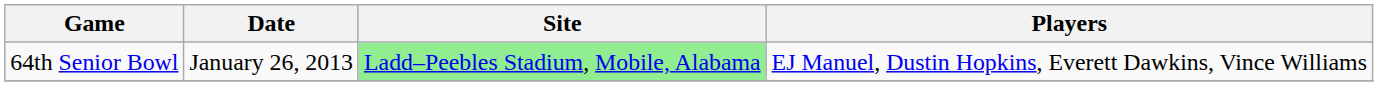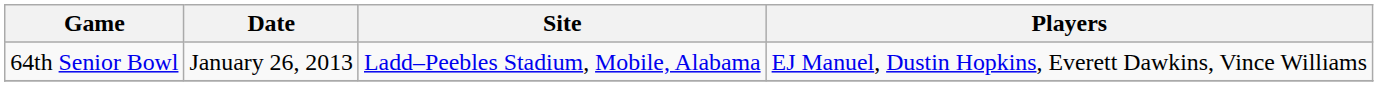 <table class="wikitable">
 <tr>
 <th>Game</th>
 <th>Date</th>
 <th>Site</th>
 <th>Players</th>
 </tr>
 <tr>
 <td>64th <a href='#'>Senior Bowl</a></td>
 <td>January 26, 2013</td>
-<td style="background: lightgreen;"><a href='#'>Ladd–Peebles Stadium</a>, <a href='#'>Mobile, Alabama</a></td>
+<td><a href='#'>Ladd–Peebles Stadium</a>, <a href='#'>Mobile, Alabama</a></td>
 <td><a href='#'>EJ Manuel</a>, <a href='#'>Dustin Hopkins</a>, Everett Dawkins, Vince Williams</td>
 </tr>
 <tr style="background: #e3e3e3;">
 </tr>
 <tr>
 </tr>
 </table>
